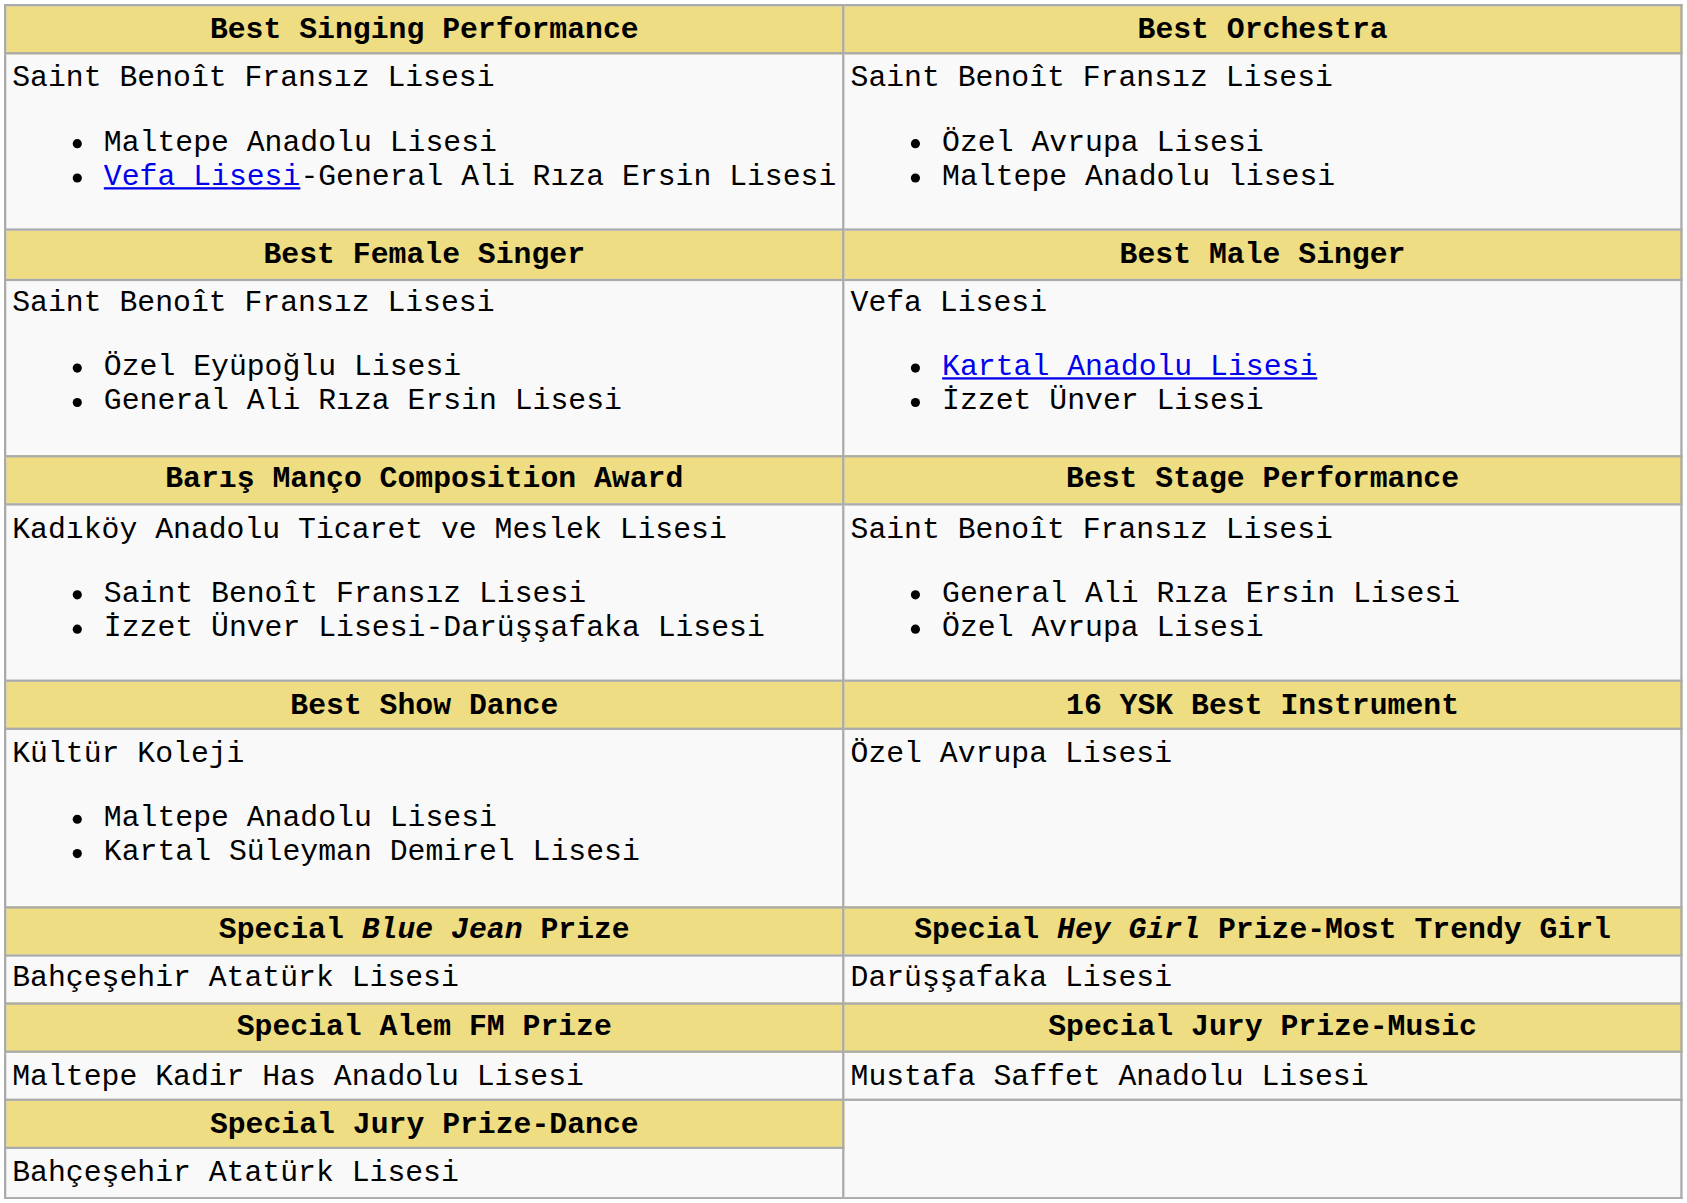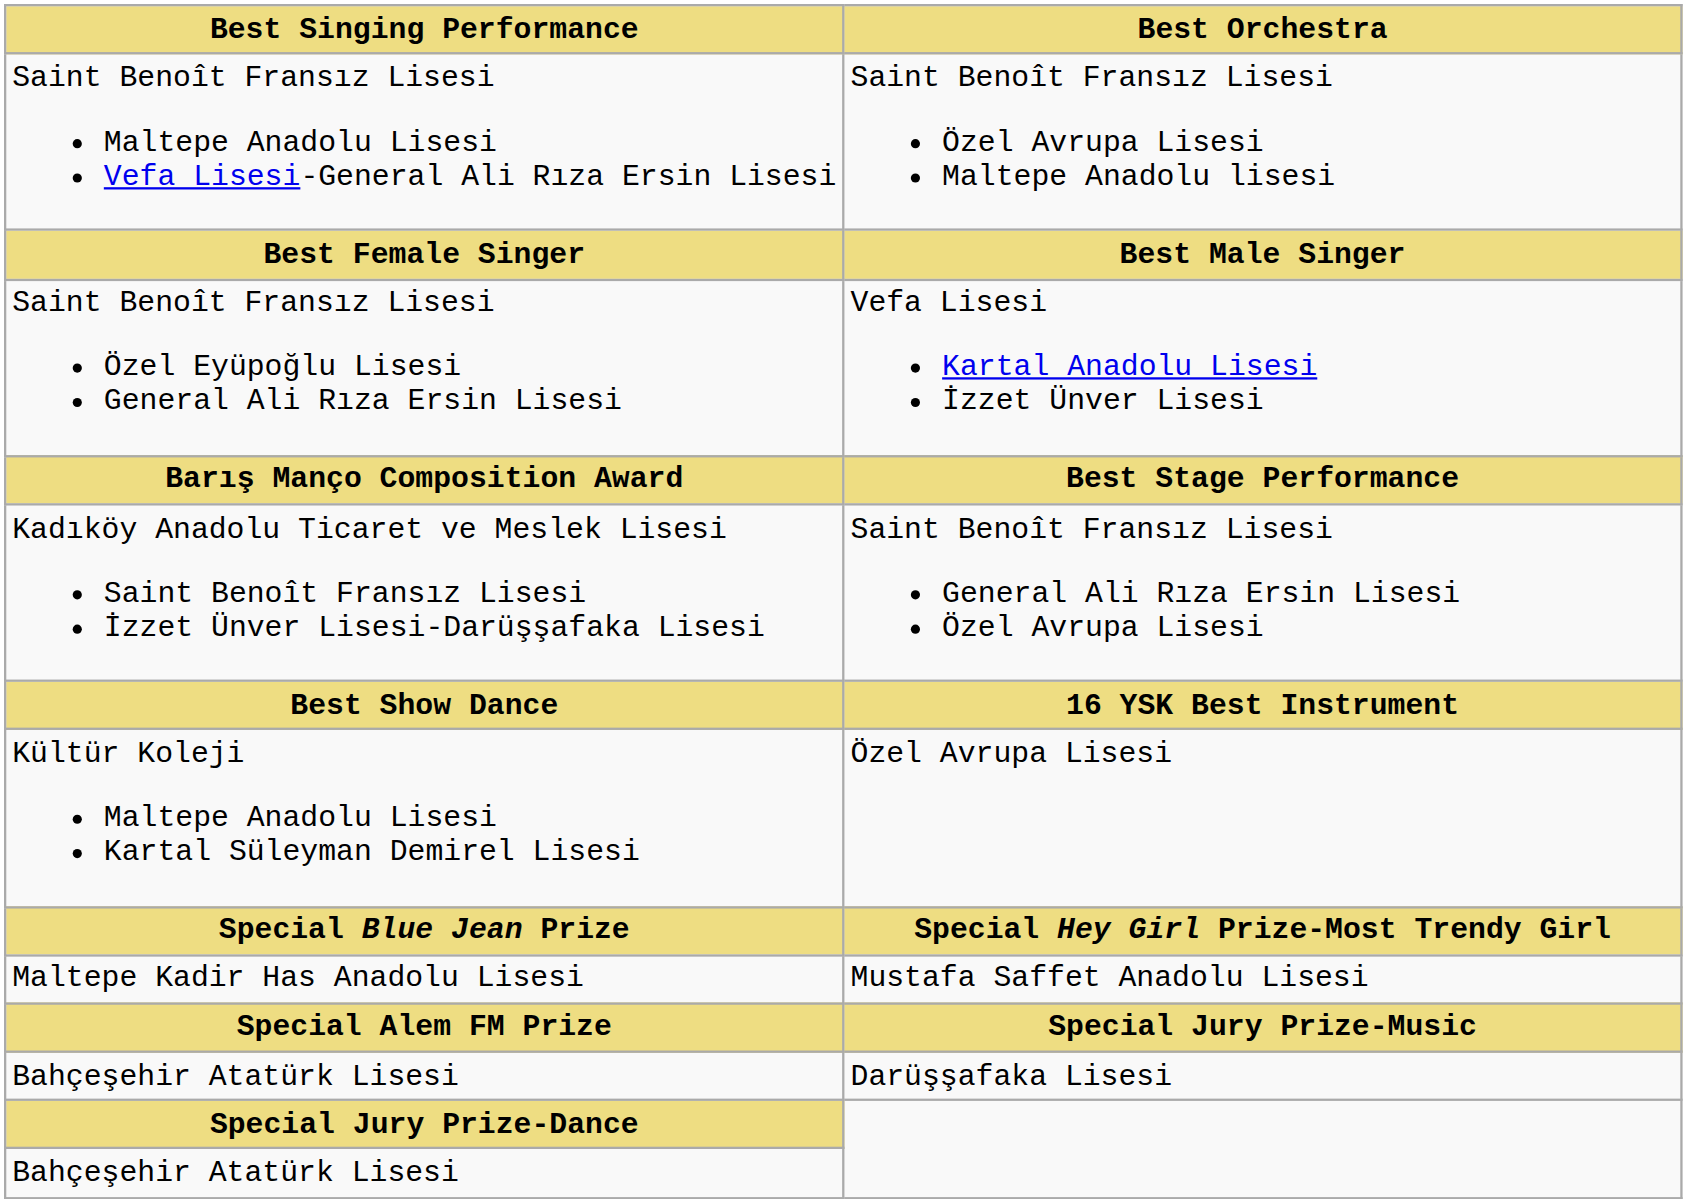 <table class=wikitable>
 <tr>
 <th style="background:#EEDD82; width:50%">Best Singing Performance</th>
 <th style="background:#EEDD82; width:50%">Best Orchestra</th>
 </tr>
 <tr>
 <td valign="top">Saint Benoît Fransız Lisesi<br><ul><li>Maltepe Anadolu Lisesi</li><li><a href='#'>Vefa Lisesi</a>-General Ali Rıza Ersin Lisesi</li></ul></td>
 <td valign="top">Saint Benoît Fransız Lisesi<br><ul><li>Özel Avrupa Lisesi</li><li>Maltepe Anadolu lisesi</li></ul></td>
 </tr>
 <tr>
 <th style="background:#EEDD82; width:50%">Best Female Singer</th>
 <th style="background:#EEDD82; width:50%">Best Male Singer</th>
 </tr>
 <tr>
 <td valign="top">Saint Benoît Fransız Lisesi<br><ul><li>Özel Eyüpoğlu Lisesi</li><li>General Ali Rıza Ersin Lisesi</li></ul></td>
 <td valign="top">Vefa Lisesi<br><ul><li><a href='#'>Kartal Anadolu Lisesi</a></li><li>İzzet Ünver Lisesi</li></ul></td>
 </tr>
 <tr>
 <th style="background:#EEDD82; width:50%">Barış Manço Composition Award</th>
 <th style="background:#EEDD82; width:50%">Best Stage Performance</th>
 </tr>
 <tr>
 <td valign="top">Kadıköy Anadolu Ticaret ve Meslek Lisesi<br><ul><li>Saint Benoît Fransız Lisesi</li><li>İzzet Ünver Lisesi-Darüşşafaka Lisesi</li></ul></td>
 <td valign="top">Saint Benoît Fransız Lisesi<br><ul><li>General Ali Rıza Ersin Lisesi</li><li>Özel Avrupa Lisesi</li></ul></td>
 </tr>
 <tr>
 <th style="background:#EEDD82; width:50%">Best Show Dance</th>
 <th style="background:#EEDD82; width:50%">16 YSK Best Instrument</th>
 </tr>
 <tr>
 <td valign="top">Kültür Koleji<br><ul><li>Maltepe Anadolu Lisesi</li><li>Kartal Süleyman Demirel Lisesi</li></ul></td>
 <td valign="top">Özel Avrupa Lisesi</td>
 </tr>
 <tr>
 <th style="background:#EEDD82; width:50%">Special <em>Blue Jean</em> Prize</th>
 <th style="background:#EEDD82; width:50%">Special <em>Hey Girl</em> Prize-Most Trendy Girl</th>
 </tr>
 <tr>
-<td valign="top">Bahçeşehir Atatürk Lisesi</td>
-<td valign="top">Darüşşafaka Lisesi</td>
+<td valign="top">Maltepe Kadir Has Anadolu Lisesi</td>
+<td valign="top">Mustafa Saffet Anadolu Lisesi</td>
 </tr>
 <tr>
 <th style="background:#EEDD82; width:50%">Special Alem FM Prize</th>
 <th style="background:#EEDD82; width:50%">Special Jury Prize-Music</th>
 </tr>
 <tr>
-<td valign="top">Maltepe Kadir Has Anadolu Lisesi</td>
-<td valign="top">Mustafa Saffet Anadolu Lisesi</td>
+<td valign="top">Bahçeşehir Atatürk Lisesi</td>
+<td valign="top">Darüşşafaka Lisesi</td>
 </tr>
 <tr>
 <th style="background:#EEDD82; width:50%">Special Jury Prize-Dance</th>
 </tr>
 <tr>
 <td valign="top">Bahçeşehir Atatürk Lisesi</td>
 </tr>
 </table>
